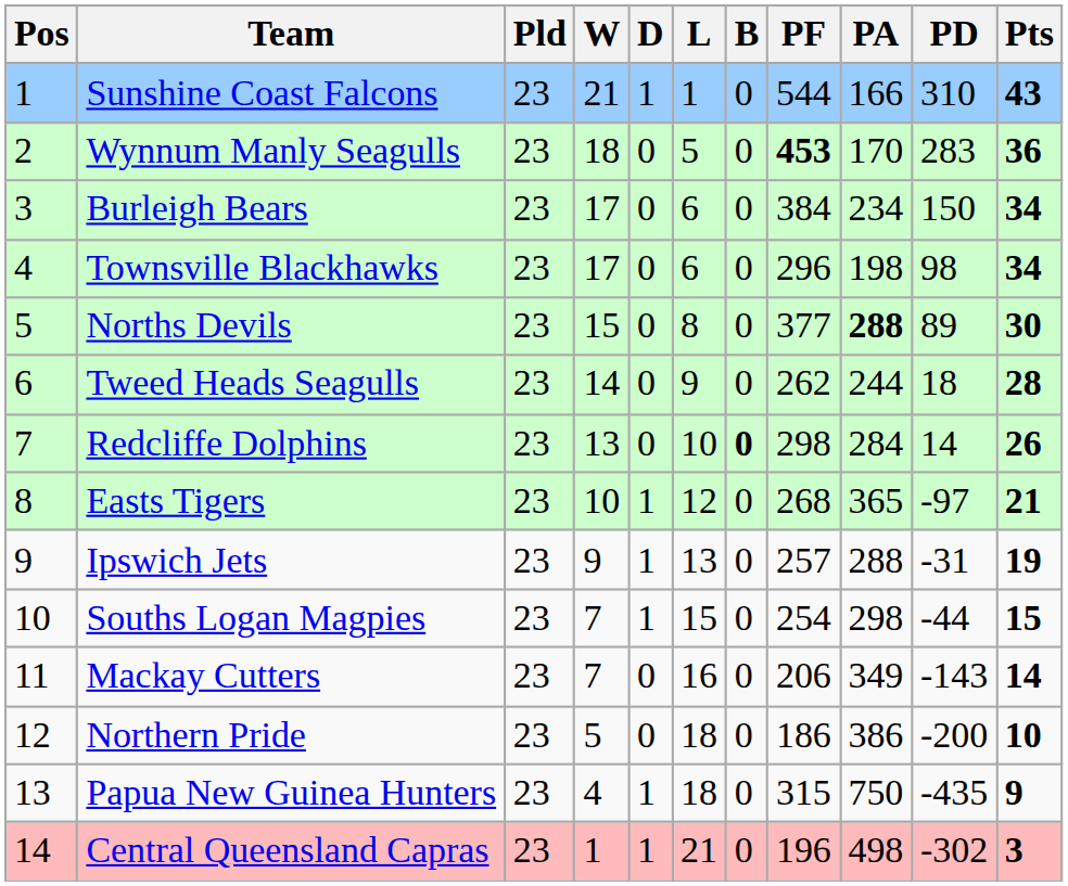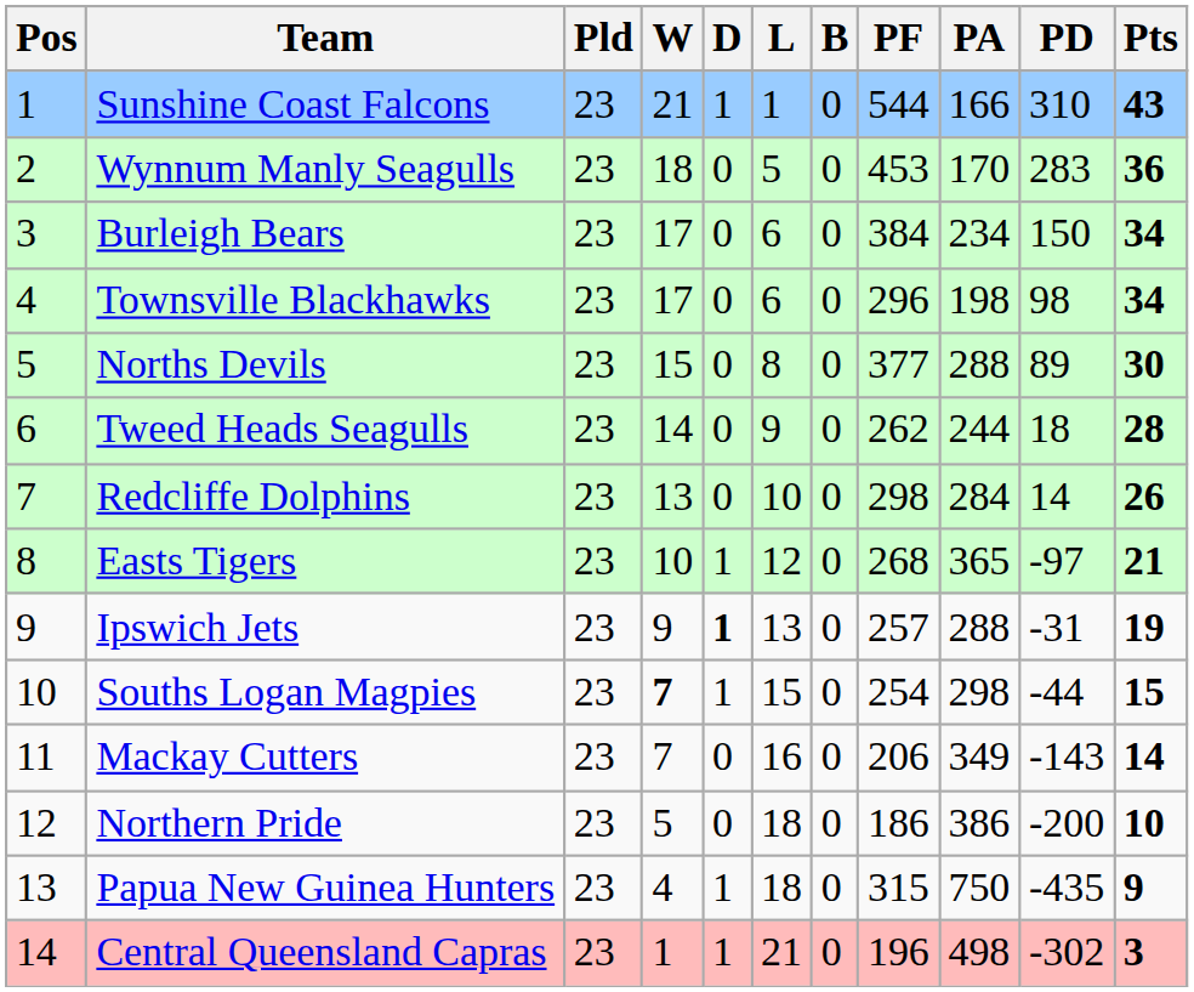 <table class="wikitable">
 <tr>
 <th>Pos</th>
 <th>Team</th>
 <th>Pld</th>
 <th>W</th>
 <th>D</th>
 <th>L</th>
 <th>B</th>
 <th>PF</th>
 <th>PA</th>
 <th>PD</th>
 <th>Pts</th>
 </tr>
 <tr>
 </tr>
 <tr>
 <td style="background: #99ccff;">1</td>
 <td style="background: #99ccff;"> <a href='#'>Sunshine Coast Falcons</a></td>
 <td style="background: #99ccff;">23</td>
 <td style="background: #99ccff;">21</td>
 <td style="background: #99ccff;">1</td>
 <td style="background: #99ccff;">1</td>
 <td style="background: #99ccff;">0</td>
 <td style="background: #99ccff;">544</td>
 <td style="background: #99ccff;">166</td>
 <td style="background: #99ccff;">310</td>
 <td style="background: #99ccff;"><strong>43</strong></td>
 </tr>
 <tr>
 <td style="background: #ccffcc;">2</td>
 <td style="background: #ccffcc;"> <a href='#'>Wynnum Manly Seagulls</a></td>
 <td style="background: #ccffcc;">23</td>
 <td style="background: #ccffcc;">18</td>
 <td style="background: #ccffcc;">0</td>
 <td style="background: #ccffcc;">5</td>
 <td style="background: #ccffcc;">0</td>
-<td style="background: #ccffcc;"><strong>453</strong></td>
+<td style="background: #ccffcc;">453</td>
 <td style="background: #ccffcc;">170</td>
 <td style="background: #ccffcc;">283</td>
 <td style="background: #ccffcc;"><strong>36</strong></td>
 </tr>
 <tr>
 <td style="background: #ccffcc;">3</td>
 <td style="background: #ccffcc;"> <a href='#'>Burleigh Bears</a></td>
 <td style="background: #ccffcc;">23</td>
 <td style="background: #ccffcc;">17</td>
 <td style="background: #ccffcc;">0</td>
 <td style="background: #ccffcc;">6</td>
 <td style="background: #ccffcc;">0</td>
 <td style="background: #ccffcc;">384</td>
 <td style="background: #ccffcc;">234</td>
 <td style="background: #ccffcc;">150</td>
 <td style="background: #ccffcc;"><strong>34</strong></td>
 </tr>
 <tr>
 <td style="background: #ccffcc;">4</td>
 <td style="background: #ccffcc;"> <a href='#'>Townsville Blackhawks</a></td>
 <td style="background: #ccffcc;">23</td>
 <td style="background: #ccffcc;">17</td>
 <td style="background: #ccffcc;">0</td>
 <td style="background: #ccffcc;">6</td>
 <td style="background: #ccffcc;">0</td>
 <td style="background: #ccffcc;">296</td>
 <td style="background: #ccffcc;">198</td>
 <td style="background: #ccffcc;">98</td>
 <td style="background: #ccffcc;"><strong>34</strong></td>
 </tr>
 <tr>
 <td style="background: #ccffcc;">5</td>
 <td style="background: #ccffcc;"> <a href='#'>Norths Devils</a></td>
 <td style="background: #ccffcc;">23</td>
 <td style="background: #ccffcc;">15</td>
 <td style="background: #ccffcc;">0</td>
 <td style="background: #ccffcc;">8</td>
 <td style="background: #ccffcc;">0</td>
 <td style="background: #ccffcc;">377</td>
-<td style="background: #ccffcc;"><strong>288</strong></td>
+<td style="background: #ccffcc;">288</td>
 <td style="background: #ccffcc;">89</td>
 <td style="background: #ccffcc;"><strong>30</strong></td>
 </tr>
 <tr>
 <td style="background: #ccffcc;">6</td>
 <td style="background: #ccffcc;"> <a href='#'>Tweed Heads Seagulls</a></td>
 <td style="background: #ccffcc;">23</td>
 <td style="background: #ccffcc;">14</td>
 <td style="background: #ccffcc;">0</td>
 <td style="background: #ccffcc;">9</td>
 <td style="background: #ccffcc;">0</td>
 <td style="background: #ccffcc;">262</td>
 <td style="background: #ccffcc;">244</td>
 <td style="background: #ccffcc;">18</td>
 <td style="background: #ccffcc;"><strong>28</strong></td>
 </tr>
 <tr>
 <td style="background: #ccffcc;">7</td>
 <td style="background: #ccffcc;"> <a href='#'>Redcliffe Dolphins</a></td>
 <td style="background: #ccffcc;">23</td>
 <td style="background: #ccffcc;">13</td>
 <td style="background: #ccffcc;">0</td>
 <td style="background: #ccffcc;">10</td>
-<td style="background: #ccffcc;"><strong>0</strong></td>
+<td style="background: #ccffcc;">0</td>
 <td style="background: #ccffcc;">298</td>
 <td style="background: #ccffcc;">284</td>
 <td style="background: #ccffcc;">14</td>
 <td style="background: #ccffcc;"><strong>26</strong></td>
 </tr>
 <tr>
 <td style="background: #ccffcc;">8</td>
 <td style="background: #ccffcc;"> <a href='#'>Easts Tigers</a></td>
 <td style="background: #ccffcc;">23</td>
 <td style="background: #ccffcc;">10</td>
 <td style="background: #ccffcc;">1</td>
 <td style="background: #ccffcc;">12</td>
 <td style="background: #ccffcc;">0</td>
 <td style="background: #ccffcc;">268</td>
 <td style="background: #ccffcc;">365</td>
 <td style="background: #ccffcc;">-97</td>
 <td style="background: #ccffcc;"><strong>21</strong></td>
 </tr>
 <tr>
 <td>9</td>
 <td> <a href='#'>Ipswich Jets</a></td>
 <td>23</td>
 <td>9</td>
-<td>1</td>
+<td><strong>1</strong></td>
 <td>13</td>
 <td>0</td>
 <td>257</td>
 <td>288</td>
 <td>-31</td>
 <td><strong>19</strong></td>
 </tr>
 <tr>
 <td>10</td>
 <td> <a href='#'>Souths Logan Magpies</a></td>
 <td>23</td>
-<td>7</td>
+<td><strong>7</strong></td>
 <td>1</td>
 <td>15</td>
 <td>0</td>
 <td>254</td>
 <td>298</td>
 <td>-44</td>
 <td><strong>15</strong></td>
 </tr>
 <tr>
 <td>11</td>
 <td> <a href='#'>Mackay Cutters</a></td>
 <td>23</td>
 <td>7</td>
 <td>0</td>
 <td>16</td>
 <td>0</td>
 <td>206</td>
 <td>349</td>
 <td>-143</td>
 <td><strong>14</strong></td>
 </tr>
 <tr>
 <td>12</td>
 <td> <a href='#'>Northern Pride</a></td>
 <td>23</td>
 <td>5</td>
 <td>0</td>
 <td>18</td>
 <td>0</td>
 <td>186</td>
 <td>386</td>
 <td>-200</td>
 <td><strong>10</strong></td>
 </tr>
 <tr>
 <td>13</td>
 <td> <a href='#'>Papua New Guinea Hunters</a></td>
 <td>23</td>
 <td>4</td>
 <td>1</td>
 <td>18</td>
 <td>0</td>
 <td>315</td>
 <td>750</td>
 <td>-435</td>
 <td><strong>9</strong></td>
 </tr>
 <tr>
 <td style="background: #ffbbbb;">14</td>
 <td style="background: #ffbbbb;"> <a href='#'>Central Queensland Capras</a></td>
 <td style="background: #ffbbbb;">23</td>
 <td style="background: #ffbbbb;">1</td>
 <td style="background: #ffbbbb;">1</td>
 <td style="background: #ffbbbb;">21</td>
 <td style="background: #ffbbbb;">0</td>
 <td style="background: #ffbbbb;">196</td>
 <td style="background: #ffbbbb;">498</td>
 <td style="background: #ffbbbb;">-302</td>
 <td style="background: #ffbbbb;"><strong>3</strong></td>
 </tr>
 </table>
